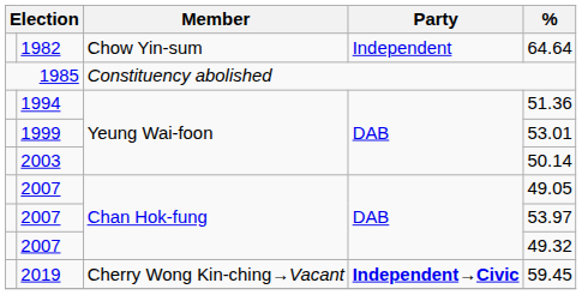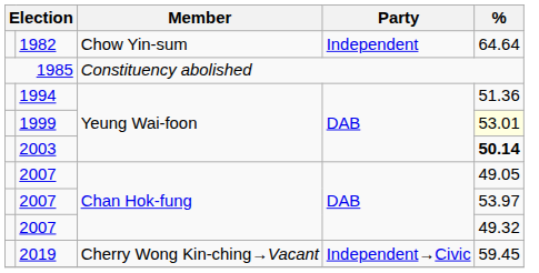 <table class="wikitable">
 <tr>
 <th colspan="2">Election</th>
 <th>Member</th>
 <th>Party</th>
 <th>%</th>
 </tr>
 <tr>
 <td style="background-color: "></td>
 <td><a href='#'>1982</a></td>
 <td>Chow Yin-sum</td>
 <td><a href='#'>Independent</a></td>
 <td>64.64</td>
 </tr>
 <tr>
 <td colspan=2 align=right><a href='#'>1985</a></td>
 <td colspan=3><em>Constituency abolished</em></td>
 </tr>
 <tr>
 <td style="background-color: "></td>
 <td><a href='#'>1994</a></td>
 <td rowspan=3>Yeung Wai-foon</td>
 <td rowspan=3><a href='#'>DAB</a></td>
 <td>51.36</td>
 </tr>
 <tr>
 <td style="background-color: "></td>
 <td><a href='#'>1999</a></td>
-<td>53.01</td>
+<td style="background: lightyellow;">53.01</td>
 </tr>
 <tr>
 <td style="background-color: "></td>
 <td><a href='#'>2003</a></td>
-<td>50.14</td>
+<td><strong>50.14</strong></td>
 </tr>
 <tr>
 <td style="background-color: "></td>
 <td><a href='#'>2007</a></td>
 <td rowspan=3><a href='#'>Chan Hok-fung</a></td>
 <td rowspan=3><a href='#'>DAB</a></td>
 <td>49.05</td>
 </tr>
 <tr>
 <td style="background-color: "></td>
 <td><a href='#'>2007</a></td>
 <td>53.97</td>
 </tr>
 <tr>
 <td style="background-color: "></td>
 <td><a href='#'>2007</a></td>
 <td>49.32</td>
 </tr>
 <tr>
 <td style="background-color: "></td>
 <td><a href='#'>2019</a></td>
 <td>Cherry Wong Kin-ching→<em>Vacant</em></td>
-<td><strong><a href='#'>Independent</a>→<a href='#'>Civic</a></strong></td>
+<td><a href='#'>Independent</a>→<a href='#'>Civic</a></td>
 <td>59.45</td>
 </tr>
 <tr>
 </tr>
 </table>
